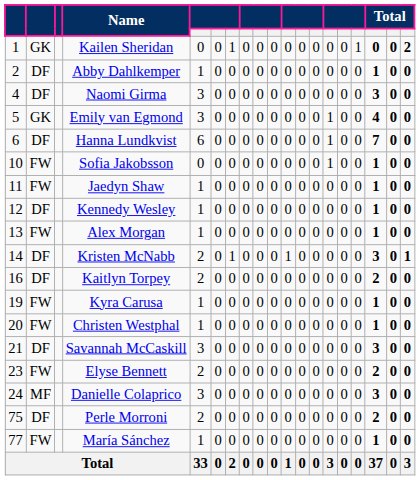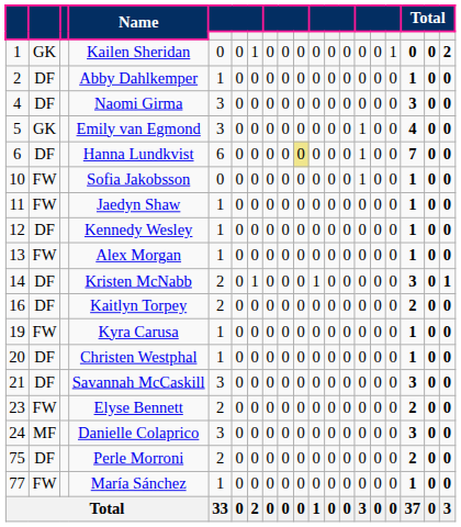 <table class="wikitable sortable" style="text-align:center;">
 <tr>
 <th rowspan="2" style="background:#032E62; color:white; border:2px solid #FC1896;"></th>
 <th rowspan="2" style="background:#032E62; color:white; border:2px solid #FC1896;"></th>
 <th rowspan="2" style="background:#032E62; color:white; border:2px solid #FC1896;"></th>
 <th rowspan="2" style="background:#032E62; color:white; border:2px solid #FC1896;">Name</th>
 <th colspan="3" style="background:#032E62; color:white; border:2px solid #FC1896;"></th>
 <th colspan="3" style="background:#032E62; color:white; border:2px solid #FC1896;"></th>
 <th colspan="3" style="background:#032E62; color:white; border:2px solid #FC1896;"></th>
 <th colspan="3" style="background:#032E62; color:white; border:2px solid #FC1896;"></th>
 <th colspan="3" style="background:#032E62; color:white; border:2px solid #FC1896;">Total</th>
 </tr>
 <tr>
 <th></th>
 <th></th>
 <th></th>
 <th></th>
 <th></th>
 <th></th>
 <th></th>
 <th></th>
 <th></th>
 <th></th>
 <th></th>
 <th></th>
 <th></th>
 <th></th>
 <th></th>
 </tr>
 <tr>
 <td>1</td>
 <td>GK</td>
 <td></td>
 <td><a href='#'>Kailen Sheridan</a></td>
 <td>0</td>
 <td>0</td>
 <td>1</td>
 <td>0</td>
 <td>0</td>
 <td>0</td>
 <td>0</td>
 <td>0</td>
 <td>0</td>
 <td>0</td>
 <td>0</td>
 <td>1</td>
 <td><strong>0</strong></td>
 <td><strong>0</strong></td>
 <td><strong>2</strong></td>
 </tr>
 <tr>
 <td>2</td>
 <td>DF</td>
 <td></td>
 <td><a href='#'>Abby Dahlkemper</a></td>
 <td>1</td>
 <td>0</td>
 <td>0</td>
 <td>0</td>
 <td>0</td>
 <td>0</td>
 <td>0</td>
 <td>0</td>
 <td>0</td>
 <td>0</td>
 <td>0</td>
 <td>0</td>
 <td><strong>1</strong></td>
 <td><strong>0</strong></td>
 <td><strong>0</strong></td>
 </tr>
 <tr>
 <td>4</td>
 <td>DF</td>
 <td></td>
 <td><a href='#'>Naomi Girma</a></td>
 <td>3</td>
 <td>0</td>
 <td>0</td>
 <td>0</td>
 <td>0</td>
 <td>0</td>
 <td>0</td>
 <td>0</td>
 <td>0</td>
 <td>0</td>
 <td>0</td>
 <td>0</td>
 <td><strong>3</strong></td>
 <td><strong>0</strong></td>
 <td><strong>0</strong></td>
 </tr>
 <tr>
 <td>5</td>
 <td>GK</td>
 <td></td>
 <td><a href='#'>Emily van Egmond</a></td>
 <td>3</td>
 <td>0</td>
 <td>0</td>
 <td>0</td>
 <td>0</td>
 <td>0</td>
 <td>0</td>
 <td>0</td>
 <td>0</td>
 <td>1</td>
 <td>0</td>
 <td>0</td>
 <td><strong>4</strong></td>
 <td><strong>0</strong></td>
 <td><strong>0</strong></td>
 </tr>
 <tr>
 <td>6</td>
 <td>DF</td>
 <td></td>
 <td><a href='#'>Hanna Lundkvist</a></td>
 <td>6</td>
 <td>0</td>
 <td>0</td>
 <td>0</td>
 <td>0</td>
-<td>0</td>
+<td style="background: khaki;">0</td>
 <td>0</td>
 <td>0</td>
 <td>0</td>
 <td>1</td>
 <td>0</td>
 <td>0</td>
 <td><strong>7</strong></td>
 <td><strong>0</strong></td>
 <td><strong>0</strong></td>
 </tr>
 <tr>
 <td>10</td>
 <td>FW</td>
 <td></td>
 <td><a href='#'>Sofia Jakobsson</a></td>
 <td>0</td>
 <td>0</td>
 <td>0</td>
 <td>0</td>
 <td>0</td>
 <td>0</td>
 <td>0</td>
 <td>0</td>
 <td>0</td>
 <td>1</td>
 <td>0</td>
 <td>0</td>
 <td><strong>1</strong></td>
 <td><strong>0</strong></td>
 <td><strong>0</strong></td>
 </tr>
 <tr>
 <td>11</td>
 <td>FW</td>
 <td></td>
 <td><a href='#'>Jaedyn Shaw</a></td>
 <td>1</td>
 <td>0</td>
 <td>0</td>
 <td>0</td>
 <td>0</td>
 <td>0</td>
 <td>0</td>
 <td>0</td>
 <td>0</td>
 <td>0</td>
 <td>0</td>
 <td>0</td>
 <td><strong>1</strong></td>
 <td><strong>0</strong></td>
 <td><strong>0</strong></td>
 </tr>
 <tr>
 <td>12</td>
 <td>DF</td>
 <td></td>
 <td><a href='#'>Kennedy Wesley</a></td>
 <td>1</td>
 <td>0</td>
 <td>0</td>
 <td>0</td>
 <td>0</td>
 <td>0</td>
 <td>0</td>
 <td>0</td>
 <td>0</td>
 <td>0</td>
 <td>0</td>
 <td>0</td>
 <td><strong>1</strong></td>
 <td><strong>0</strong></td>
 <td><strong>0</strong></td>
 </tr>
 <tr>
 <td>13</td>
 <td>FW</td>
 <td></td>
 <td><a href='#'>Alex Morgan</a></td>
 <td>1</td>
 <td>0</td>
 <td>0</td>
 <td>0</td>
 <td>0</td>
 <td>0</td>
 <td>0</td>
 <td>0</td>
 <td>0</td>
 <td>0</td>
 <td>0</td>
 <td>0</td>
 <td><strong>1</strong></td>
 <td><strong>0</strong></td>
 <td><strong>0</strong></td>
 </tr>
 <tr>
 <td>14</td>
 <td>DF</td>
 <td></td>
 <td><a href='#'>Kristen McNabb</a></td>
 <td>2</td>
 <td>0</td>
 <td>1</td>
 <td>0</td>
 <td>0</td>
 <td>0</td>
 <td>1</td>
 <td>0</td>
 <td>0</td>
 <td>0</td>
 <td>0</td>
 <td>0</td>
 <td><strong>3</strong></td>
 <td><strong>0</strong></td>
 <td><strong>1</strong></td>
 </tr>
 <tr>
 <td>16</td>
 <td>DF</td>
 <td></td>
 <td><a href='#'>Kaitlyn Torpey</a></td>
 <td>2</td>
 <td>0</td>
 <td>0</td>
 <td>0</td>
 <td>0</td>
 <td>0</td>
 <td>0</td>
 <td>0</td>
 <td>0</td>
 <td>0</td>
 <td>0</td>
 <td>0</td>
 <td><strong>2</strong></td>
 <td><strong>0</strong></td>
 <td><strong>0</strong></td>
 </tr>
 <tr>
 <td>19</td>
 <td>FW</td>
 <td></td>
 <td><a href='#'>Kyra Carusa</a></td>
 <td>1</td>
 <td>0</td>
 <td>0</td>
 <td>0</td>
 <td>0</td>
 <td>0</td>
 <td>0</td>
 <td>0</td>
 <td>0</td>
 <td>0</td>
 <td>0</td>
 <td>0</td>
 <td><strong>1</strong></td>
 <td><strong>0</strong></td>
 <td><strong>0</strong></td>
 </tr>
 <tr>
 <td>20</td>
-<td>FW</td>
+<td>DF</td>
 <td></td>
 <td><a href='#'>Christen Westphal</a></td>
 <td>1</td>
 <td>0</td>
 <td>0</td>
 <td>0</td>
 <td>0</td>
 <td>0</td>
 <td>0</td>
 <td>0</td>
 <td>0</td>
 <td>0</td>
 <td>0</td>
 <td>0</td>
 <td><strong>1</strong></td>
 <td><strong>0</strong></td>
 <td><strong>0</strong></td>
 </tr>
 <tr>
 <td>21</td>
 <td>DF</td>
 <td></td>
 <td><a href='#'>Savannah McCaskill</a></td>
 <td>3</td>
 <td>0</td>
 <td>0</td>
 <td>0</td>
 <td>0</td>
 <td>0</td>
 <td>0</td>
 <td>0</td>
 <td>0</td>
 <td>0</td>
 <td>0</td>
 <td>0</td>
 <td><strong>3</strong></td>
 <td><strong>0</strong></td>
 <td><strong>0</strong></td>
 </tr>
 <tr>
 <td>23</td>
 <td>FW</td>
 <td></td>
 <td><a href='#'>Elyse Bennett</a></td>
 <td>2</td>
 <td>0</td>
 <td>0</td>
 <td>0</td>
 <td>0</td>
 <td>0</td>
 <td>0</td>
 <td>0</td>
 <td>0</td>
 <td>0</td>
 <td>0</td>
 <td>0</td>
 <td><strong>2</strong></td>
 <td><strong>0</strong></td>
 <td><strong>0</strong></td>
 </tr>
 <tr>
 <td>24</td>
 <td>MF</td>
 <td></td>
 <td><a href='#'>Danielle Colaprico</a></td>
 <td>3</td>
 <td>0</td>
 <td>0</td>
 <td>0</td>
 <td>0</td>
 <td>0</td>
 <td>0</td>
 <td>0</td>
 <td>0</td>
 <td>0</td>
 <td>0</td>
 <td>0</td>
 <td><strong>3</strong></td>
 <td><strong>0</strong></td>
 <td><strong>0</strong></td>
 </tr>
 <tr>
 <td>75</td>
 <td>DF</td>
 <td></td>
 <td><a href='#'>Perle Morroni</a></td>
 <td>2</td>
 <td>0</td>
 <td>0</td>
 <td>0</td>
 <td>0</td>
 <td>0</td>
 <td>0</td>
 <td>0</td>
 <td>0</td>
 <td>0</td>
 <td>0</td>
 <td>0</td>
 <td><strong>2</strong></td>
 <td><strong>0</strong></td>
 <td><strong>0</strong></td>
 </tr>
 <tr>
 <td>77</td>
 <td>FW</td>
 <td></td>
 <td><a href='#'>María Sánchez</a></td>
 <td>1</td>
 <td>0</td>
 <td>0</td>
 <td>0</td>
 <td>0</td>
 <td>0</td>
 <td>0</td>
 <td>0</td>
 <td>0</td>
 <td>0</td>
 <td>0</td>
 <td>0</td>
 <td><strong>1</strong></td>
 <td><strong>0</strong></td>
 <td><strong>0</strong></td>
 </tr>
 <tr>
 <th colspan="4">Total</th>
 <th>33</th>
 <th>0</th>
 <th>2</th>
 <th>0</th>
 <th>0</th>
 <th>0</th>
 <th>1</th>
 <th>0</th>
 <th>0</th>
 <th>3</th>
 <th>0</th>
 <th>0</th>
 <th>37</th>
 <th><strong>0</strong></th>
 <th>3</th>
 </tr>
 </table>
